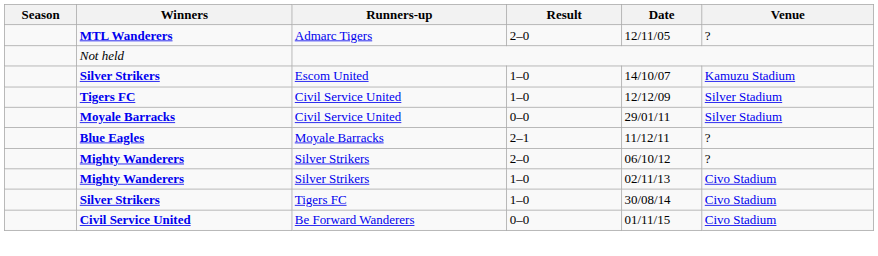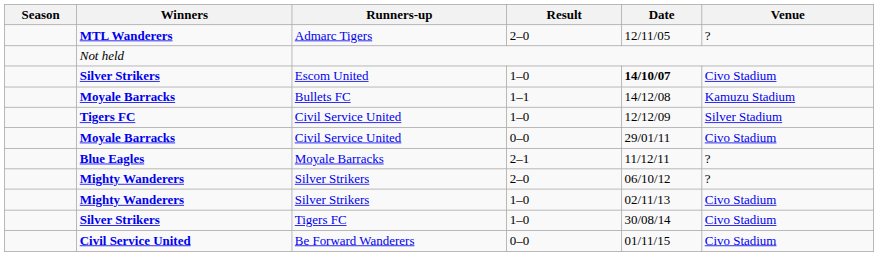 <table class=wikitable style="width:85%">
 <tr>
 <th style="width:5%;">Season</th>
 <th style="width:15%;">Winners</th>
 <th style="width:15%;">Runners-up</th>
 <th style="width: 8%;">Result</th>
 <th style="width: 5%">Date</th>
 <th style="width:12%;">Venue</th>
 </tr>
 <tr>
 <td></td>
 <td><strong><a href='#'>MTL Wanderers</a></strong></td>
 <td><a href='#'>Admarc Tigers</a></td>
 <td>2–0</td>
 <td>12/11/05</td>
 <td>?</td>
 </tr>
 <tr>
 <td></td>
 <td><em>Not held</em></td>
 </tr>
 <tr>
 <td></td>
 <td><strong><a href='#'>Silver Strikers</a></strong></td>
 <td><a href='#'>Escom United</a></td>
 <td>1–0</td>
-<td>14/10/07</td>
+<td><strong>14/10/07</strong></td>
+<td><a href='#'>Civo Stadium</a></td>
+</tr>
+<tr>
+<td></td>
+<td><strong><a href='#'>Moyale Barracks</a></strong></td>
+<td><a href='#'>Bullets FC</a></td>
+<td>1–1 </td>
+<td>14/12/08</td>
 <td><a href='#'>Kamuzu Stadium</a></td>
 </tr>
 <tr>
 <td></td>
 <td><strong><a href='#'>Tigers FC</a></strong></td>
 <td><a href='#'>Civil Service United</a></td>
 <td>1–0</td>
 <td>12/12/09</td>
 <td><a href='#'>Silver Stadium</a></td>
 </tr>
 <tr>
 <td></td>
 <td><strong><a href='#'>Moyale Barracks</a></strong></td>
 <td><a href='#'>Civil Service United</a></td>
 <td>0–0 </td>
 <td>29/01/11</td>
-<td><a href='#'>Silver Stadium</a></td>
+<td><a href='#'>Civo Stadium</a></td>
 </tr>
 <tr>
 <td></td>
 <td><strong><a href='#'>Blue Eagles</a></strong></td>
 <td><a href='#'>Moyale Barracks</a></td>
 <td>2–1</td>
 <td>11/12/11</td>
 <td>?</td>
 </tr>
 <tr>
 <td></td>
 <td><strong><a href='#'>Mighty Wanderers</a></strong></td>
 <td><a href='#'>Silver Strikers</a></td>
 <td>2–0</td>
 <td>06/10/12</td>
 <td>?</td>
 </tr>
 <tr>
 <td></td>
 <td><strong><a href='#'>Mighty Wanderers</a></strong></td>
 <td><a href='#'>Silver Strikers</a></td>
 <td>1–0</td>
 <td>02/11/13</td>
 <td><a href='#'>Civo Stadium</a></td>
 </tr>
 <tr>
 <td></td>
 <td><strong><a href='#'>Silver Strikers</a></strong></td>
 <td><a href='#'>Tigers FC</a></td>
 <td>1–0</td>
 <td>30/08/14</td>
 <td><a href='#'>Civo Stadium</a></td>
 </tr>
 <tr>
 <td></td>
 <td><strong><a href='#'>Civil Service United</a></strong></td>
 <td><a href='#'>Be Forward Wanderers</a></td>
 <td>0–0 </td>
 <td>01/11/15</td>
 <td><a href='#'>Civo Stadium</a></td>
 </tr>
 </table>
